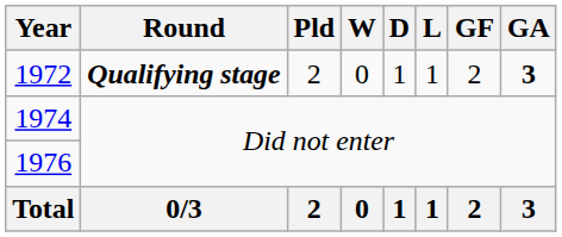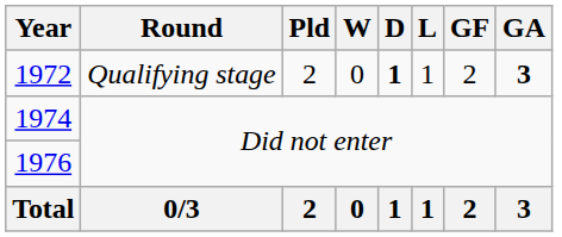 <table class="wikitable" style="text-align: center;">
 <tr>
 <th>Year</th>
 <th>Round</th>
 <th>Pld</th>
 <th>W</th>
 <th>D</th>
 <th>L</th>
 <th>GF</th>
 <th>GA</th>
 </tr>
 <tr>
 <td><a href='#'>1972</a></td>
-<td><strong><em>Qualifying stage</em></strong></td>
+<td><em>Qualifying stage</em></td>
 <td>2</td>
 <td>0</td>
-<td>1</td>
+<td><strong>1</strong></td>
 <td>1</td>
 <td>2</td>
 <td><strong>3</strong></td>
 </tr>
 <tr>
 <td><a href='#'>1974</a></td>
 <td colspan=7 rowspan="2"><em>Did not enter</em></td>
 </tr>
 <tr>
 <td><a href='#'>1976</a></td>
 </tr>
 <tr>
 <th><strong>Total</strong></th>
 <th><strong>0/3</strong></th>
 <th><strong>2</strong></th>
 <th><strong>0</strong></th>
 <th><strong>1</strong></th>
 <th><strong>1</strong></th>
 <th><strong>2</strong></th>
 <th><strong>3</strong></th>
 </tr>
 </table>
